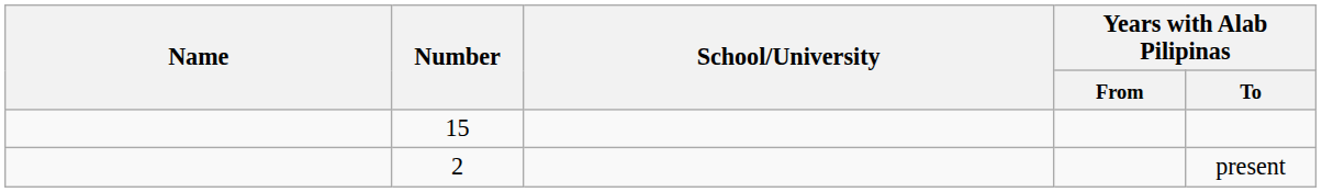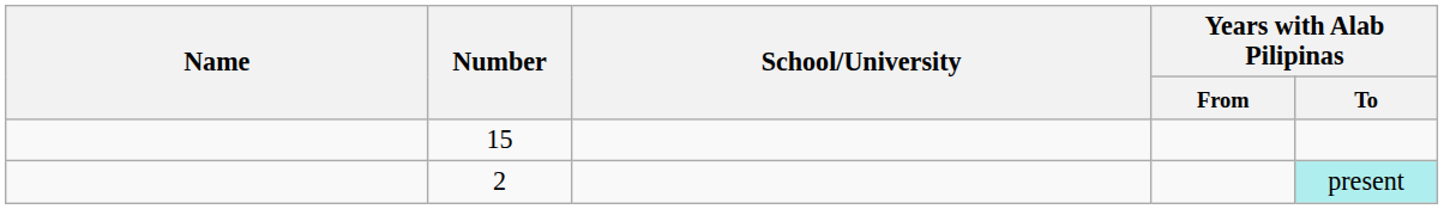 <table class="wikitable sortable" style="text-align:center" width="98%">
 <tr>
 <th style="width:180px;" rowspan="2">Name</th>
 <th style="width:10%;" colspan="2" rowspan="2">Number</th>
 <th style="width:250px;" rowspan="2">School/University</th>
 <th style="width:180px; text-align:center;" colspan="2">Years with Alab Pilipinas</th>
 </tr>
 <tr>
 <th style="width:10%; text-align:center;"><small>From</small></th>
 <th style="width:10%; text-align:center;"><small>To</small></th>
 </tr>
 <tr>
 <td></td>
 <td colspan="2">15</td>
 <td></td>
 <td></td>
 <td></td>
 </tr>
 <tr>
 <td></td>
 <td colspan="2">2</td>
 <td></td>
 <td></td>
-<td>present</td>
+<td style="background: paleturquoise;">present</td>
 </tr>
 </table>
